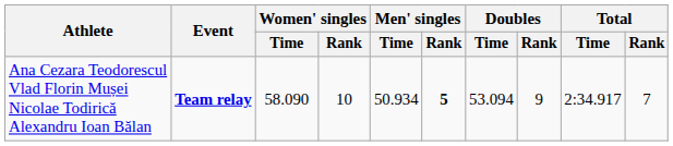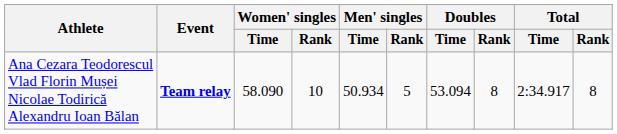 <table class="wikitable" style="font-size:90%">
 <tr>
 <th rowspan="2">Athlete</th>
 <th rowspan="2">Event</th>
 <th colspan="2">Women' singles</th>
 <th colspan="2">Men' singles</th>
 <th colspan="2">Doubles</th>
 <th colspan="2">Total</th>
 </tr>
 <tr style="font-size:95%">
 <th>Time</th>
 <th>Rank</th>
 <th>Time</th>
 <th>Rank</th>
 <th>Time</th>
 <th>Rank</th>
 <th>Time</th>
 <th>Rank</th>
 </tr>
 <tr align="center">
 <td align="left"><a href='#'>Ana Cezara Teodorescul</a><br><a href='#'>Vlad Florin Mușei</a><br><a href='#'>Nicolae Todirică</a><br><a href='#'>Alexandru Ioan Bălan</a></td>
 <td align="left"><strong><a href='#'>Team relay</a></strong></td>
 <td>58.090</td>
 <td>10</td>
 <td>50.934</td>
-<td><strong>5</strong></td>
+<td>5</td>
 <td>53.094</td>
-<td>9</td>
+<td>8</td>
 <td>2:34.917</td>
-<td>7</td>
+<td>8</td>
 </tr>
 </table>
